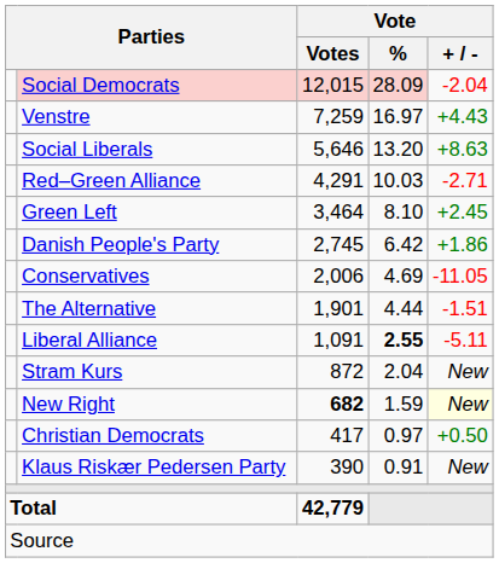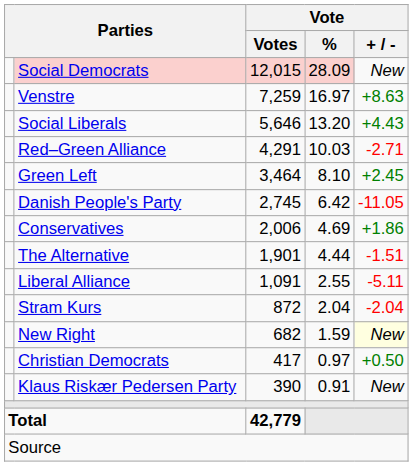 <table class="wikitable" style="text-align:right;">
 <tr>
 <th style="text-align:centre;" rowspan="2" colspan="2" width="225">Parties</th>
 <th colspan="3">Vote</th>
 </tr>
 <tr>
 <th width="15">Votes</th>
 <th width="15">%</th>
 <th width="15">+ / -</th>
 </tr>
 <tr>
 <td width="2" style="color:inherit;background:"></td>
 <td bgcolor=#fbd0ce  align="left"><a href='#'>Social Democrats</a></td>
 <td bgcolor=#fbd0ce>12,015</td>
 <td bgcolor=#fbd0ce>28.09</td>
-<td style=color:red;>-2.04</td>
+<td><em>New</em></td>
 </tr>
 <tr>
 <td width="2" style="color:inherit;background:"></td>
 <td align="left"><a href='#'>Venstre</a></td>
 <td>7,259</td>
 <td>16.97</td>
-<td style=color:green;>+4.43</td>
+<td style=color:green;>+8.63</td>
 </tr>
 <tr>
 <td width="2" style="color:inherit;background:"></td>
 <td align="left"><a href='#'>Social Liberals</a></td>
 <td>5,646</td>
 <td>13.20</td>
-<td style=color:green;>+8.63</td>
+<td style=color:green;>+4.43</td>
 </tr>
 <tr>
 <td width="2" style="color:inherit;background:"></td>
 <td align="left"><a href='#'>Red–Green Alliance</a></td>
 <td>4,291</td>
 <td>10.03</td>
 <td style=color:red;>-2.71</td>
 </tr>
 <tr>
 <td width="2" style="color:inherit;background:"></td>
 <td align="left"><a href='#'>Green Left</a></td>
 <td>3,464</td>
 <td>8.10</td>
 <td style=color:green;>+2.45</td>
 </tr>
 <tr>
 <td width="2" style="color:inherit;background:"></td>
 <td align="left"><a href='#'>Danish People's Party</a></td>
 <td>2,745</td>
 <td>6.42</td>
-<td style=color:green;>+1.86</td>
+<td style=color:red;>-11.05</td>
 </tr>
 <tr>
 <td width="2" style="color:inherit;background:"></td>
 <td align="left"><a href='#'>Conservatives</a></td>
 <td>2,006</td>
 <td>4.69</td>
-<td style=color:red;>-11.05</td>
+<td style=color:green;>+1.86</td>
 </tr>
 <tr>
 <td width="2" style="color:inherit;background:"></td>
 <td align="left"><a href='#'>The Alternative</a></td>
 <td>1,901</td>
 <td>4.44</td>
 <td style=color:red;>-1.51</td>
 </tr>
 <tr>
 <td width="2" style="color:inherit;background:"></td>
 <td align="left"><a href='#'>Liberal Alliance</a></td>
 <td>1,091</td>
-<td><strong>2.55</strong></td>
+<td>2.55</td>
 <td style=color:red;>-5.11</td>
 </tr>
 <tr>
 <td width="2" style="color:inherit;background:"></td>
 <td align="left"><a href='#'>Stram Kurs</a></td>
 <td>872</td>
 <td>2.04</td>
-<td><em>New</em></td>
+<td style=color:red;>-2.04</td>
 </tr>
 <tr>
 <td width="2" style="color:inherit;background:"></td>
 <td align="left"><a href='#'>New Right</a></td>
-<td><strong>682</strong></td>
+<td>682</td>
 <td>1.59</td>
 <td style="background: lightyellow;"><em>New</em></td>
 </tr>
 <tr>
 <td width="2" style="color:inherit;background:"></td>
 <td align="left"><a href='#'>Christian Democrats</a></td>
 <td>417</td>
 <td>0.97</td>
 <td style=color:green;>+0.50</td>
 </tr>
 <tr>
 <td width="2" style="color:inherit;background:"></td>
 <td align="left"><a href='#'>Klaus Riskær Pedersen Party</a></td>
 <td>390</td>
 <td>0.91</td>
 <td><em>New</em></td>
 </tr>
 <tr>
 <td colspan="7" bgcolor="#E9E9E9"></td>
 </tr>
 <tr>
 <td align="left" colspan="2"><strong>Total</strong></td>
 <td><strong>42,779</strong></td>
 <td bgcolor="#E9E9E9" colspan="2"></td>
 </tr>
 <tr>
 <td align="left" colspan="6">Source</td>
 </tr>
 </table>
